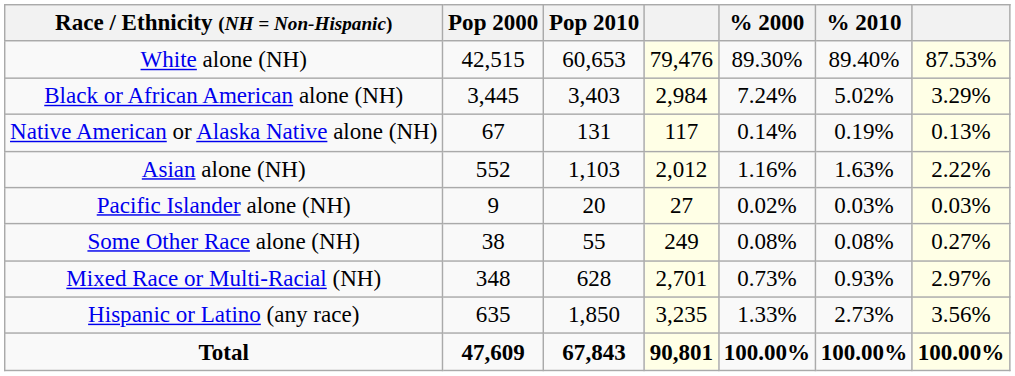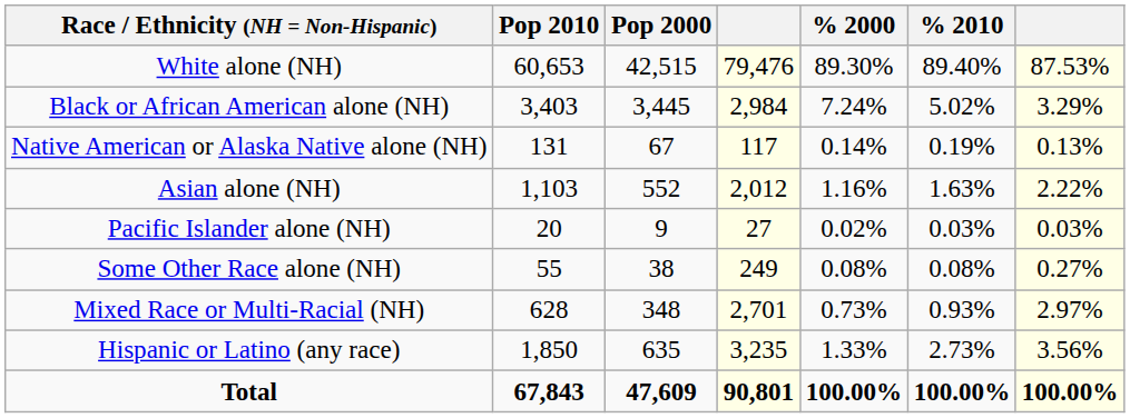 <table class="wikitable" style="text-align:center;">
 <tr>
 <th>Race / Ethnicity <small>(<em>NH = Non-Hispanic</em>)</small></th>
+<th>Pop 2010</th>
 <th>Pop 2000</th>
-<th>Pop 2010</th>
 <th></th>
 <th>% 2000</th>
 <th>% 2010</th>
 <th></th>
 </tr>
 <tr>
 <td><a href='#'>White</a> alone (NH)</td>
+<td>60,653</td>
 <td>42,515</td>
-<td>60,653</td>
 <td style='background: #ffffe6;'>79,476</td>
 <td>89.30%</td>
 <td>89.40%</td>
 <td style='background: #ffffe6;'>87.53%</td>
 </tr>
 <tr>
 <td><a href='#'>Black or African American</a> alone (NH)</td>
+<td>3,403</td>
 <td>3,445</td>
-<td>3,403</td>
 <td style='background: #ffffe6;'>2,984</td>
 <td>7.24%</td>
 <td>5.02%</td>
 <td style='background: #ffffe6;'>3.29%</td>
 </tr>
 <tr>
 <td><a href='#'>Native American</a> or <a href='#'>Alaska Native</a> alone (NH)</td>
+<td>131</td>
 <td>67</td>
-<td>131</td>
 <td style='background: #ffffe6;'>117</td>
 <td>0.14%</td>
 <td>0.19%</td>
 <td style='background: #ffffe6;'>0.13%</td>
 </tr>
 <tr>
 <td><a href='#'>Asian</a> alone (NH)</td>
+<td>1,103</td>
 <td>552</td>
-<td>1,103</td>
 <td style='background: #ffffe6;'>2,012</td>
 <td>1.16%</td>
 <td>1.63%</td>
 <td style='background: #ffffe6;'>2.22%</td>
 </tr>
 <tr>
 <td><a href='#'>Pacific Islander</a> alone (NH)</td>
+<td>20</td>
 <td>9</td>
-<td>20</td>
 <td style='background: #ffffe6;'>27</td>
 <td>0.02%</td>
 <td>0.03%</td>
 <td style='background: #ffffe6;'>0.03%</td>
 </tr>
 <tr>
 <td><a href='#'>Some Other Race</a> alone (NH)</td>
+<td>55</td>
 <td>38</td>
-<td>55</td>
 <td style='background: #ffffe6;'>249</td>
 <td>0.08%</td>
 <td>0.08%</td>
 <td style='background: #ffffe6;'>0.27%</td>
 </tr>
 <tr>
 <td><a href='#'>Mixed Race or Multi-Racial</a> (NH)</td>
+<td>628</td>
 <td>348</td>
-<td>628</td>
 <td style='background: #ffffe6;'>2,701</td>
 <td>0.73%</td>
 <td>0.93%</td>
 <td style='background: #ffffe6;'>2.97%</td>
 </tr>
 <tr>
 <td><a href='#'>Hispanic or Latino</a> (any race)</td>
+<td>1,850</td>
 <td>635</td>
-<td>1,850</td>
 <td style='background: #ffffe6;'>3,235</td>
 <td>1.33%</td>
 <td>2.73%</td>
 <td style='background: #ffffe6;'>3.56%</td>
 </tr>
 <tr>
 <td><strong>Total</strong></td>
+<td><strong>67,843</strong></td>
 <td><strong>47,609</strong></td>
-<td><strong>67,843</strong></td>
 <td style='background: #ffffe6;'><strong>90,801</strong></td>
 <td><strong>100.00%</strong></td>
 <td><strong>100.00%</strong></td>
 <td style='background: #ffffe6;'><strong>100.00%</strong></td>
 </tr>
 </table>
